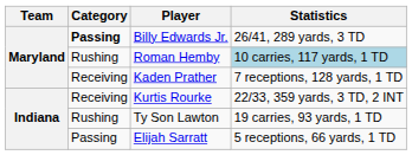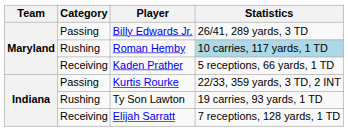 <table class="wikitable" style="float:right">
 <tr>
 <th>Team</th>
 <th>Category</th>
 <th>Player</th>
 <th>Statistics</th>
 </tr>
 <tr>
 <th rowspan=3>Maryland</th>
-<td><strong>Passing</strong></td>
+<td>Passing</td>
 <td><a href='#'>Billy Edwards Jr.</a></td>
 <td>26/41, 289 yards, 3 TD</td>
 </tr>
 <tr>
 <td>Rushing</td>
 <td><a href='#'>Roman Hemby</a></td>
 <td style="background: lightblue;">10 carries, 117 yards, 1 TD</td>
 </tr>
 <tr>
 <td>Receiving</td>
 <td><a href='#'>Kaden Prather</a></td>
-<td>7 receptions, 128 yards, 1 TD</td>
+<td>5 receptions, 66 yards, 1 TD</td>
 </tr>
 <tr>
 <th rowspan=3>Indiana</th>
-<td>Receiving</td>
+<td>Passing</td>
 <td><a href='#'>Kurtis Rourke</a></td>
 <td>22/33, 359 yards, 3 TD, 2 INT</td>
 </tr>
 <tr>
 <td>Rushing</td>
 <td>Ty Son Lawton</td>
 <td>19 carries, 93 yards, 1 TD</td>
 </tr>
 <tr>
-<td>Passing</td>
+<td>Receiving</td>
 <td><a href='#'>Elijah Sarratt</a></td>
-<td>5 receptions, 66 yards, 1 TD</td>
+<td>7 receptions, 128 yards, 1 TD</td>
 </tr>
 </table>
